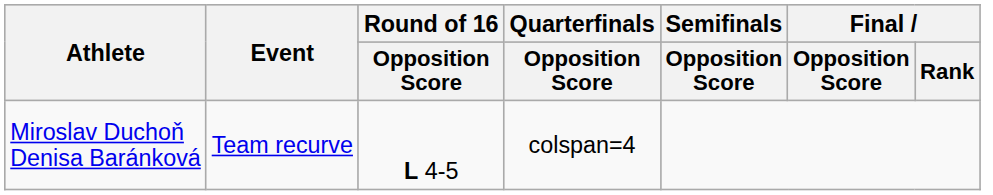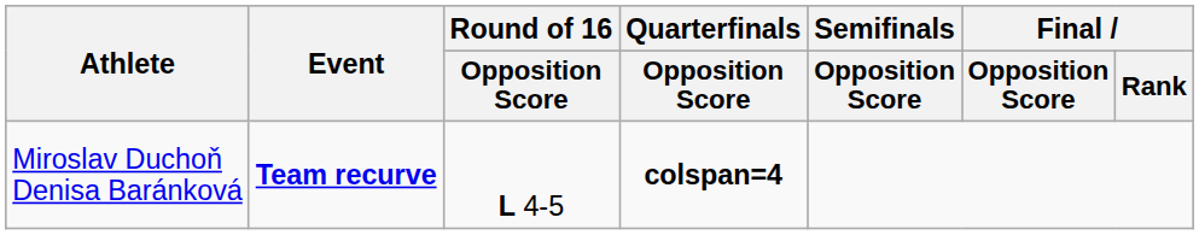 <table class="wikitable" style="font-size:90%">
 <tr>
 <th rowspan="2">Athlete</th>
 <th rowspan="2">Event</th>
 <th>Round of 16</th>
 <th>Quarterfinals</th>
 <th>Semifinals</th>
 <th colspan="2">Final / </th>
 </tr>
 <tr style="font-size:95%">
 <th>Opposition<br>Score</th>
 <th>Opposition<br>Score</th>
 <th>Opposition<br>Score</th>
 <th>Opposition<br>Score</th>
 <th>Rank</th>
 </tr>
 <tr align=center>
 <td align=left><a href='#'>Miroslav Duchoň</a><br><a href='#'>Denisa Baránková </a></td>
-<td align=left><a href='#'>Team recurve</a></td>
+<td align=left><strong><a href='#'>Team recurve</a></strong></td>
 <td><br><br><strong>L</strong> 4-5</td>
-<td>colspan=4 </td>
+<td><strong>colspan=4 </strong></td>
 </tr>
 </table>
